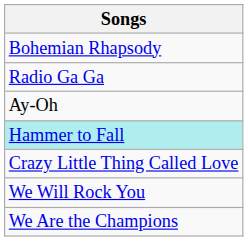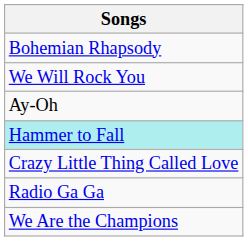 <table class="wikitable">
 <tr>
 <th>Songs</th>
 </tr>
 <tr>
 <td><a href='#'>Bohemian Rhapsody</a></td>
 </tr>
 <tr>
-<td><a href='#'>Radio Ga Ga</a></td>
+<td><a href='#'>We Will Rock You</a></td>
 </tr>
 <tr>
 <td>Ay-Oh</td>
 </tr>
 <tr>
 <td style="background: paleturquoise;"><a href='#'>Hammer to Fall</a></td>
 </tr>
 <tr>
 <td><a href='#'>Crazy Little Thing Called Love</a></td>
 </tr>
 <tr>
-<td><a href='#'>We Will Rock You</a></td>
+<td><a href='#'>Radio Ga Ga</a></td>
 </tr>
 <tr>
 <td><a href='#'>We Are the Champions</a></td>
 </tr>
 </table>
